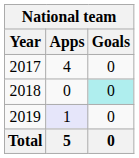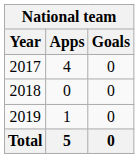 <table class="wikitable" style="text-align:center">
 <tr>
 <th colspan=3>National team</th>
 </tr>
 <tr>
 <th>Year</th>
 <th>Apps</th>
 <th>Goals</th>
 </tr>
 <tr>
 <td>2017</td>
 <td>4</td>
 <td>0</td>
 </tr>
 <tr>
 <td>2018</td>
 <td>0</td>
-<td style="background: paleturquoise;">0</td>
+<td>0</td>
 </tr>
 <tr>
 <td>2019</td>
-<td style="background: lavender;">1</td>
+<td>1</td>
 <td>0</td>
 </tr>
 <tr>
 <th>Total</th>
 <th>5</th>
 <th>0</th>
 </tr>
 </table>
